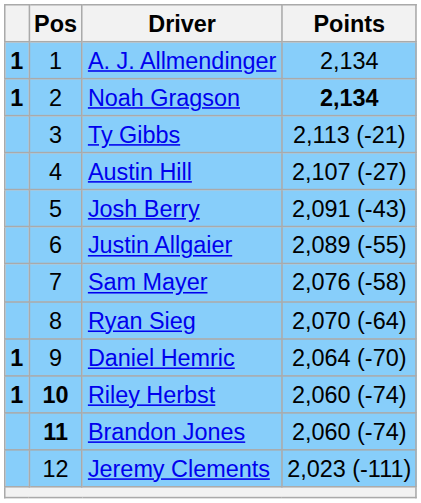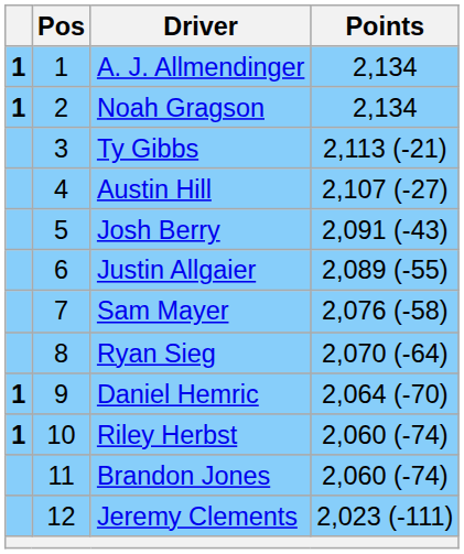 <table class="wikitable" style="font-size: 95%;">
 <tr>
 <th></th>
 <th>Pos</th>
 <th>Driver</th>
 <th>Points</th>
 </tr>
 <tr style="background:#87CEFA;">
 <td align="left"> <strong>1</strong></td>
 <td style="text-align:center;">1</td>
 <td><a href='#'>A. J. Allmendinger</a></td>
 <td style="text-align:center;">2,134</td>
 </tr>
 <tr style="background:#87CEFA;">
 <td align="left"> <strong>1</strong></td>
 <td style="text-align:center;">2</td>
 <td><a href='#'>Noah Gragson</a></td>
-<td style="text-align:center;"><strong>2,134</strong></td>
+<td style="text-align:center;">2,134</td>
 </tr>
 <tr style="background:#87CEFA;">
 <td align="left"></td>
 <td style="text-align:center;">3</td>
 <td><a href='#'>Ty Gibbs</a></td>
 <td style="text-align:center;">2,113 (-21)</td>
 </tr>
 <tr style="background:#87CEFA;">
 <td align="left"></td>
 <td style="text-align:center;">4</td>
 <td><a href='#'>Austin Hill</a></td>
 <td style="text-align:center;">2,107 (-27)</td>
 </tr>
 <tr style="background:#87CEFA;">
 <td align="left"></td>
 <td style="text-align:center;">5</td>
 <td><a href='#'>Josh Berry</a></td>
 <td style="text-align:center;">2,091 (-43)</td>
 </tr>
 <tr style="background:#87CEFA;">
 <td align="left"></td>
 <td style="text-align:center;">6</td>
 <td><a href='#'>Justin Allgaier</a></td>
 <td style="text-align:center;">2,089 (-55)</td>
 </tr>
 <tr style="background:#87CEFA;">
 <td align="left"></td>
 <td style="text-align:center;">7</td>
 <td><a href='#'>Sam Mayer</a></td>
 <td style="text-align:center;">2,076 (-58)</td>
 </tr>
 <tr style="background:#87CEFA;">
 <td align="left"></td>
 <td style="text-align:center;">8</td>
 <td><a href='#'>Ryan Sieg</a></td>
 <td style="text-align:center;">2,070 (-64)</td>
 </tr>
 <tr style="background:#87CEFA;">
 <td align="left"> <strong>1</strong></td>
 <td style="text-align:center;">9</td>
 <td><a href='#'>Daniel Hemric</a></td>
 <td style="text-align:center;">2,064 (-70)</td>
 </tr>
 <tr style="background:#87CEFA;">
 <td align="left"> <strong>1</strong></td>
-<td style="text-align:center;"><strong>10</strong></td>
+<td style="text-align:center;">10</td>
 <td><a href='#'>Riley Herbst</a></td>
 <td style="text-align:center;">2,060 (-74)</td>
 </tr>
 <tr style="background:#87CEFA;">
 <td align="left"></td>
-<td style="text-align:center;"><strong>11</strong></td>
+<td style="text-align:center;">11</td>
 <td><a href='#'>Brandon Jones</a></td>
 <td style="text-align:center;">2,060 (-74)</td>
 </tr>
 <tr style="background:#87CEFA;">
 <td align="left"></td>
 <td style="text-align:center;">12</td>
 <td><a href='#'>Jeremy Clements</a></td>
 <td style="text-align:center;">2,023 (-111)</td>
 </tr>
 <tr class="sortbottom">
 <th colspan="9"></th>
 </tr>
 </table>
